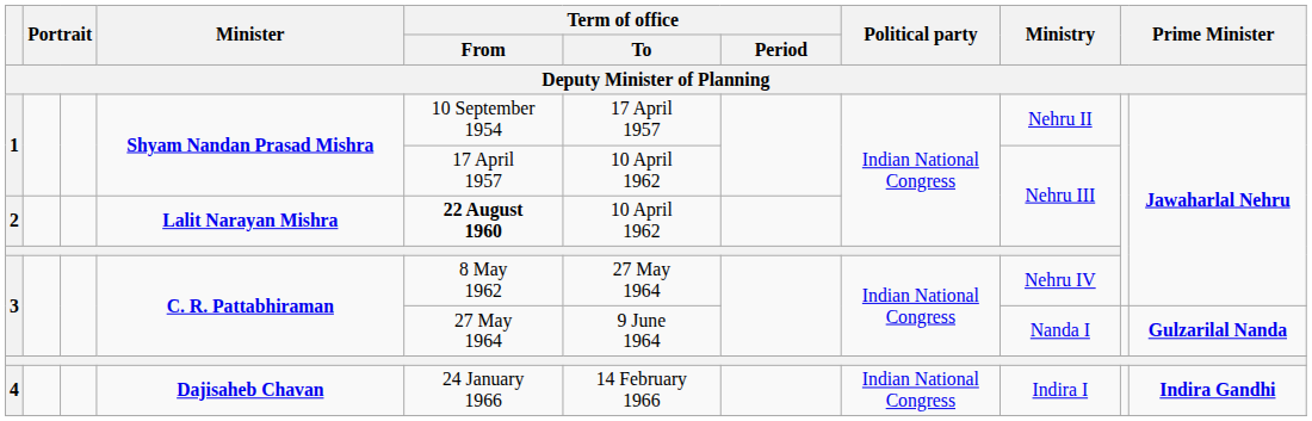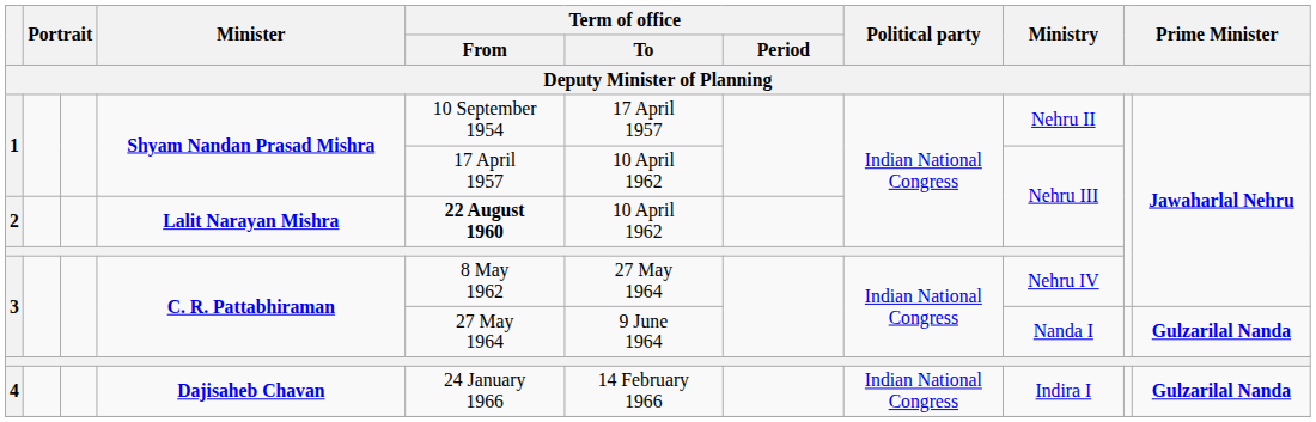 <table class="wikitable" style="text-align:center">
 <tr>
 <th rowspan="2"></th>
 <th rowspan="2" colspan="2">Portrait</th>
 <th rowspan="2" style="width:16em">Minister<br></th>
 <th colspan="3">Term of office</th>
 <th rowspan="2" style="width:8em">Political party</th>
 <th rowspan="2" style="width:6em">Ministry</th>
 <th rowspan="2" colspan="2">Prime Minister</th>
 </tr>
 <tr>
 <th style="width:8em">From</th>
 <th style="width:8em">To</th>
 <th style="width:6em">Period</th>
 </tr>
 <tr>
 <th colspan="11">Deputy Minister of Planning</th>
 </tr>
 <tr>
 <th rowspan="2">1</th>
 <td rowspan="2"></td>
 <td rowspan="2"></td>
 <td rowspan="2"><strong><a href='#'>Shyam Nandan Prasad Mishra</a></strong><br></td>
 <td>10 September<br>1954</td>
 <td>17 April<br>1957</td>
 <td rowspan="2"><strong></strong></td>
 <td rowspan="3"><a href='#'>Indian National Congress</a></td>
 <td><a href='#'>Nehru II</a></td>
 <td rowspan="5"></td>
 <td rowspan="5" style="width:9em"><strong><a href='#'>Jawaharlal Nehru</a></strong></td>
 </tr>
 <tr>
 <td>17 April<br>1957</td>
 <td>10 April<br>1962</td>
 <td rowspan="2"><a href='#'>Nehru III</a></td>
 </tr>
 <tr>
 <th>2</th>
 <td></td>
 <td></td>
 <td><strong><a href='#'>Lalit Narayan Mishra</a></strong><br></td>
 <td><strong>22 August<br>1960</strong></td>
 <td>10 April<br>1962</td>
 <td><strong></strong></td>
 </tr>
 <tr>
 <th colspan="9"></th>
 </tr>
 <tr>
 <th rowspan="2">3</th>
 <td rowspan="2"></td>
 <td rowspan="2"></td>
 <td rowspan="2"><strong><a href='#'>C. R. Pattabhiraman</a></strong><br></td>
 <td>8 May<br>1962</td>
 <td>27 May<br>1964</td>
 <td rowspan="2"><strong></strong></td>
 <td rowspan="2"><a href='#'>Indian National Congress</a></td>
 <td><a href='#'>Nehru IV</a></td>
 </tr>
 <tr>
 <td>27 May<br>1964</td>
 <td>9 June<br>1964</td>
 <td><a href='#'>Nanda I</a></td>
 <td></td>
 <td><strong><a href='#'>Gulzarilal Nanda</a></strong></td>
 </tr>
 <tr>
 <th colspan="11"></th>
 </tr>
 <tr>
 <th>4</th>
 <td></td>
 <td></td>
 <td><strong><a href='#'>Dajisaheb Chavan</a></strong><br></td>
 <td>24 January<br>1966</td>
 <td>14 February<br>1966</td>
 <td><strong></strong></td>
 <td><a href='#'>Indian National Congress</a></td>
 <td><a href='#'>Indira I</a></td>
 <td></td>
-<td><strong><a href='#'>Indira Gandhi</a></strong></td>
+<td><strong><a href='#'>Gulzarilal Nanda</a></strong></td>
 </tr>
 <tr>
 </tr>
 </table>
